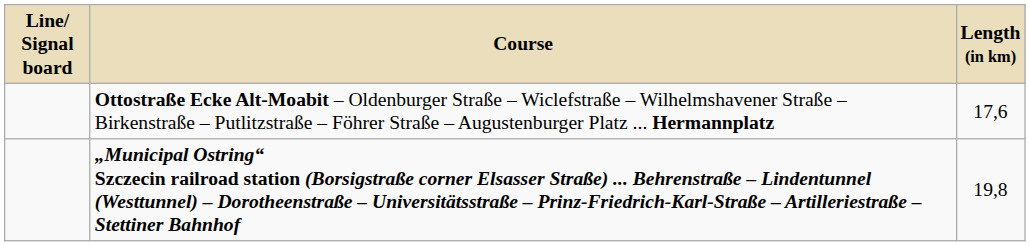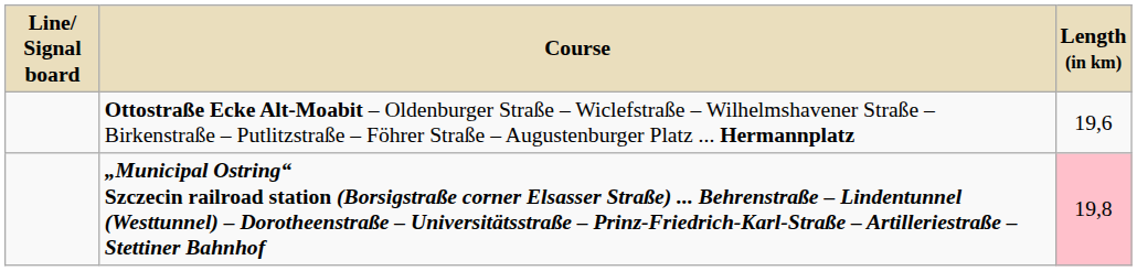 <table class="wikitable float-right" style="font-size:95%; text-align:center;" width="50%">
 <tr>
 <th style="background:#EADEBD;">Line/<br>Signal board</th>
 <th style="background:#EADEBD;">Course</th>
 <th style="background:#EADEBD;">Length<br><small>(in km)</small></th>
 </tr>
 <tr>
 <td></td>
 <td align="left"><strong>Ottostraße Ecke Alt-Moabit</strong> – Oldenburger Straße – Wiclefstraße – Wilhelmshavener Straße – Birkenstraße – Putlitzstraße – Föhrer Straße – Augustenburger Platz ... <strong>Hermannplatz</strong></td>
-<td>17,6</td>
+<td>19,6</td>
 </tr>
 <tr>
 <td></td>
 <td align="left"><strong><em>„Municipal Ostring“</em></strong><br><strong>Szczecin railroad station <em>(Borsigstraße corner Elsasser Straße)<strong><em> ... Behrenstraße – Lindentunnel (Westtunnel) – Dorotheenstraße – Universitätsstraße – Prinz-Friedrich-Karl-Straße – Artilleriestraße – </strong>Stettiner Bahnhof<strong></td>
-<td>19,8</td>
+<td style="background: pink;">19,8</td>
 </tr>
 </table>
